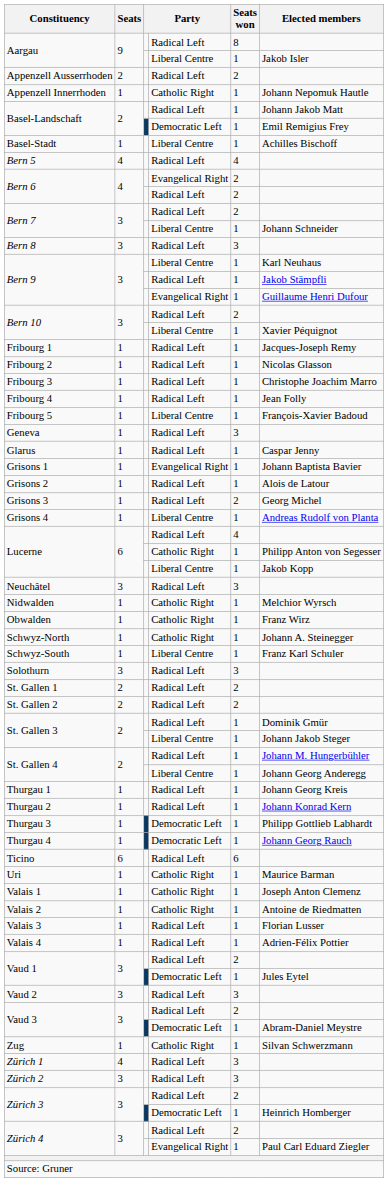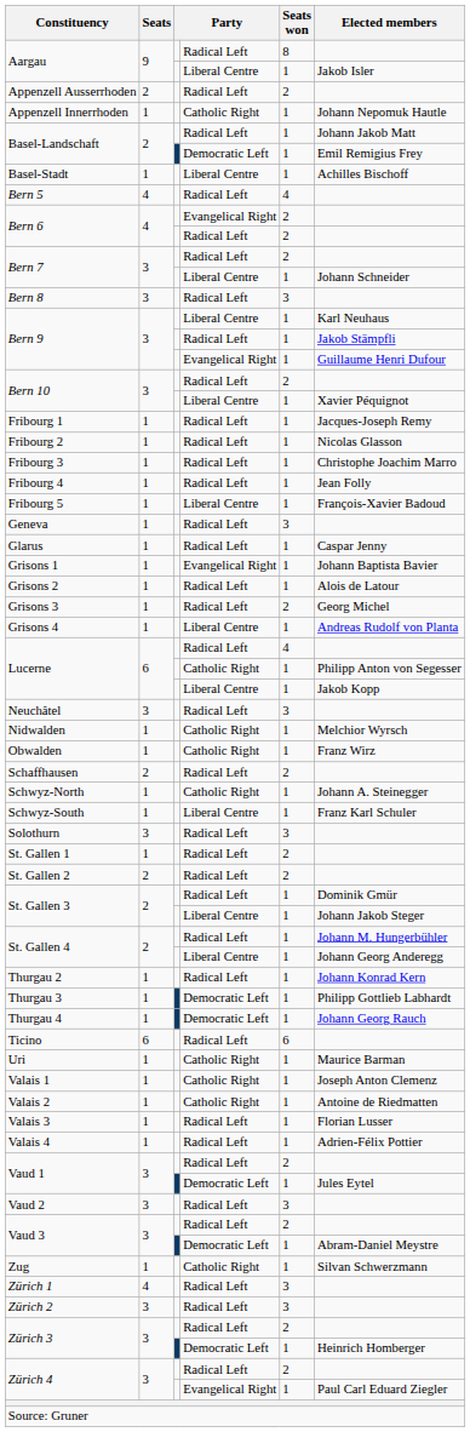 <table class="wikitable">
 <tr>
 <th>Constituency</th>
 <th>Seats</th>
 <th colspan="2">Party</th>
 <th>Seats<br>won</th>
 <th>Elected members</th>
 </tr>
 <tr>
 <td rowspan="2">Aargau</td>
 <td rowspan="2">9</td>
 <td style="color:inherit;background:"></td>
 <td>Radical Left</td>
 <td>8</td>
 <td></td>
 </tr>
 <tr>
 <td style="color:inherit;background:"></td>
 <td>Liberal Centre</td>
 <td>1</td>
 <td>Jakob Isler</td>
 </tr>
 <tr>
 <td>Appenzell Ausserrhoden</td>
 <td>2</td>
 <td style="color:inherit;background:"></td>
 <td>Radical Left</td>
 <td>2</td>
 <td></td>
 </tr>
 <tr>
 <td>Appenzell Innerrhoden</td>
 <td>1</td>
 <td style="color:inherit;background:"></td>
 <td>Catholic Right</td>
 <td>1</td>
 <td>Johann Nepomuk Hautle</td>
 </tr>
 <tr>
 <td rowspan="2">Basel-Landschaft</td>
 <td rowspan="2">2</td>
 <td style="color:inherit;background:"></td>
 <td>Radical Left</td>
 <td>1</td>
 <td>Johann Jakob Matt</td>
 </tr>
 <tr>
 <td style="color:inherit;background:#0B3861"></td>
 <td>Democratic Left</td>
 <td>1</td>
 <td>Emil Remigius Frey</td>
 </tr>
 <tr>
 <td>Basel-Stadt</td>
 <td>1</td>
 <td style="color:inherit;background:"></td>
 <td>Liberal Centre</td>
 <td>1</td>
 <td>Achilles Bischoff</td>
 </tr>
 <tr>
 <td><em>Bern 5</em></td>
 <td>4</td>
 <td style="color:inherit;background:"></td>
 <td>Radical Left</td>
 <td>4</td>
 <td></td>
 </tr>
 <tr>
 <td rowspan="2"><em>Bern 6</em></td>
 <td rowspan="2">4</td>
 <td style="color:inherit;background:"></td>
 <td>Evangelical Right</td>
 <td>2</td>
 <td></td>
 </tr>
 <tr>
 <td style="color:inherit;background:"></td>
 <td>Radical Left</td>
 <td>2</td>
 <td></td>
 </tr>
 <tr>
 <td rowspan="2"><em>Bern 7</em></td>
 <td rowspan="2">3</td>
 <td style="color:inherit;background:"></td>
 <td>Radical Left</td>
 <td>2</td>
 <td></td>
 </tr>
 <tr>
 <td style="color:inherit;background:"></td>
 <td>Liberal Centre</td>
 <td>1</td>
 <td>Johann Schneider</td>
 </tr>
 <tr>
 <td><em>Bern 8</em></td>
 <td>3</td>
 <td style="color:inherit;background:"></td>
 <td>Radical Left</td>
 <td>3</td>
 <td></td>
 </tr>
 <tr>
 <td rowspan="3"><em>Bern 9</em></td>
 <td rowspan="3">3</td>
 <td style="color:inherit;background:"></td>
 <td>Liberal Centre</td>
 <td>1</td>
 <td>Karl Neuhaus</td>
 </tr>
 <tr>
 <td style="color:inherit;background:"></td>
 <td>Radical Left</td>
 <td>1</td>
 <td><a href='#'>Jakob Stämpfli</a></td>
 </tr>
 <tr>
 <td style="color:inherit;background:"></td>
 <td>Evangelical Right</td>
 <td>1</td>
 <td><a href='#'>Guillaume Henri Dufour</a></td>
 </tr>
 <tr>
 <td rowspan="2"><em>Bern 10</em></td>
 <td rowspan="2">3</td>
 <td style="color:inherit;background:"></td>
 <td>Radical Left</td>
 <td>2</td>
 <td></td>
 </tr>
 <tr>
 <td style="color:inherit;background:"></td>
 <td>Liberal Centre</td>
 <td>1</td>
 <td>Xavier Péquignot</td>
 </tr>
 <tr>
 <td>Fribourg 1</td>
 <td>1</td>
 <td style="color:inherit;background:"></td>
 <td>Radical Left</td>
 <td>1</td>
 <td>Jacques-Joseph Remy</td>
 </tr>
 <tr>
 <td>Fribourg 2</td>
 <td>1</td>
 <td style="color:inherit;background:"></td>
 <td>Radical Left</td>
 <td>1</td>
 <td>Nicolas Glasson</td>
 </tr>
 <tr>
 <td>Fribourg 3</td>
 <td>1</td>
 <td style="color:inherit;background:"></td>
 <td>Radical Left</td>
 <td>1</td>
 <td>Christophe Joachim Marro</td>
 </tr>
 <tr>
 <td>Fribourg 4</td>
 <td>1</td>
 <td style="color:inherit;background:"></td>
 <td>Radical Left</td>
 <td>1</td>
 <td>Jean Folly</td>
 </tr>
 <tr>
 <td>Fribourg 5</td>
 <td>1</td>
 <td style="color:inherit;background:"></td>
 <td>Liberal Centre</td>
 <td>1</td>
 <td>François-Xavier Badoud</td>
 </tr>
 <tr>
 <td>Geneva</td>
 <td>1</td>
 <td style="color:inherit;background:"></td>
 <td>Radical Left</td>
 <td>3</td>
 <td></td>
 </tr>
 <tr>
 <td>Glarus</td>
 <td>1</td>
 <td style="color:inherit;background:"></td>
 <td>Radical Left</td>
 <td>1</td>
 <td>Caspar Jenny</td>
 </tr>
 <tr>
 <td>Grisons 1</td>
 <td>1</td>
 <td style="color:inherit;background:"></td>
 <td>Evangelical Right</td>
 <td>1</td>
 <td>Johann Baptista Bavier</td>
 </tr>
 <tr>
 <td>Grisons 2</td>
 <td>1</td>
 <td style="color:inherit;background:"></td>
 <td>Radical Left</td>
 <td>1</td>
 <td>Alois de Latour</td>
 </tr>
 <tr>
 <td>Grisons 3</td>
 <td>1</td>
 <td style="color:inherit;background:"></td>
 <td>Radical Left</td>
 <td>2</td>
 <td>Georg Michel</td>
 </tr>
 <tr>
 <td>Grisons 4</td>
 <td>1</td>
 <td style="color:inherit;background:"></td>
 <td>Liberal Centre</td>
 <td>1</td>
 <td><a href='#'>Andreas Rudolf von Planta</a></td>
 </tr>
 <tr>
 <td rowspan="3">Lucerne</td>
 <td rowspan="3">6</td>
 <td style="color:inherit;background:"></td>
 <td>Radical Left</td>
 <td>4</td>
 <td></td>
 </tr>
 <tr>
 <td style="color:inherit;background:"></td>
 <td>Catholic Right</td>
 <td>1</td>
 <td>Philipp Anton von Segesser</td>
 </tr>
 <tr>
 <td style="color:inherit;background:"></td>
 <td>Liberal Centre</td>
 <td>1</td>
 <td>Jakob Kopp</td>
 </tr>
 <tr>
 <td>Neuchâtel</td>
 <td>3</td>
 <td style="color:inherit;background:"></td>
 <td>Radical Left</td>
 <td>3</td>
 <td></td>
 </tr>
 <tr>
 <td>Nidwalden</td>
 <td>1</td>
 <td style="color:inherit;background:"></td>
 <td>Catholic Right</td>
 <td>1</td>
 <td>Melchior Wyrsch</td>
 </tr>
 <tr>
 <td>Obwalden</td>
 <td>1</td>
 <td style="color:inherit;background:"></td>
 <td>Catholic Right</td>
 <td>1</td>
 <td>Franz Wirz</td>
 </tr>
 <tr>
+<td>Schaffhausen</td>
+<td>2</td>
+<td style="color:inherit;background:"></td>
+<td>Radical Left</td>
+<td>2</td>
+<td></td>
+</tr>
+<tr>
 <td>Schwyz-North</td>
 <td>1</td>
 <td style="color:inherit;background:"></td>
 <td>Catholic Right</td>
 <td>1</td>
 <td>Johann A. Steinegger</td>
 </tr>
 <tr>
 <td>Schwyz-South</td>
 <td>1</td>
 <td style="color:inherit;background:"></td>
 <td>Liberal Centre</td>
 <td>1</td>
 <td>Franz Karl Schuler</td>
 </tr>
 <tr>
 <td>Solothurn</td>
 <td>3</td>
 <td style="color:inherit;background:"></td>
 <td>Radical Left</td>
 <td>3</td>
 <td></td>
 </tr>
 <tr>
 <td>St. Gallen 1</td>
-<td>2</td>
+<td>1</td>
 <td style="color:inherit;background:"></td>
 <td>Radical Left</td>
 <td>2</td>
 <td></td>
 </tr>
 <tr>
 <td>St. Gallen 2</td>
 <td>2</td>
 <td style="color:inherit;background:"></td>
 <td>Radical Left</td>
 <td>2</td>
 <td></td>
 </tr>
 <tr>
 <td rowspan="2">St. Gallen 3</td>
 <td rowspan="2">2</td>
 <td style="color:inherit;background:"></td>
 <td>Radical Left</td>
 <td>1</td>
 <td>Dominik Gmür</td>
 </tr>
 <tr>
 <td style="color:inherit;background:"></td>
 <td>Liberal Centre</td>
 <td>1</td>
 <td>Johann Jakob Steger</td>
 </tr>
 <tr>
 <td rowspan="2">St. Gallen 4</td>
 <td rowspan="2">2</td>
 <td style="color:inherit;background:"></td>
 <td>Radical Left</td>
 <td>1</td>
 <td><a href='#'>Johann M. Hungerbühler</a></td>
 </tr>
 <tr>
 <td style="color:inherit;background:"></td>
 <td>Liberal Centre</td>
 <td>1</td>
 <td>Johann Georg Anderegg</td>
-</tr>
-<tr>
-<td>Thurgau 1</td>
-<td>1</td>
-<td style="color:inherit;background:"></td>
-<td>Radical Left</td>
-<td>1</td>
-<td>Johann Georg Kreis</td>
 </tr>
 <tr>
 <td>Thurgau 2</td>
 <td>1</td>
 <td style="color:inherit;background:"></td>
 <td>Radical Left</td>
 <td>1</td>
 <td><a href='#'>Johann Konrad Kern</a></td>
 </tr>
 <tr>
 <td>Thurgau 3</td>
 <td>1</td>
 <td style="color:inherit;background:#0B3861"></td>
 <td>Democratic Left</td>
 <td>1</td>
 <td>Philipp Gottlieb Labhardt</td>
 </tr>
 <tr>
 <td>Thurgau 4</td>
 <td>1</td>
 <td style="color:inherit;background:#0B3861"></td>
 <td>Democratic Left</td>
 <td>1</td>
 <td><a href='#'>Johann Georg Rauch</a></td>
 </tr>
 <tr>
 <td>Ticino</td>
 <td>6</td>
 <td style="color:inherit;background:"></td>
 <td>Radical Left</td>
 <td>6</td>
 <td></td>
 </tr>
 <tr>
 <td>Uri</td>
 <td>1</td>
 <td style="color:inherit;background:"></td>
 <td>Catholic Right</td>
 <td>1</td>
 <td>Maurice Barman</td>
 </tr>
 <tr>
 <td>Valais 1</td>
 <td>1</td>
 <td style="color:inherit;background:"></td>
 <td>Catholic Right</td>
 <td>1</td>
 <td>Joseph Anton Clemenz</td>
 </tr>
 <tr>
 <td>Valais 2</td>
 <td>1</td>
 <td style="color:inherit;background:"></td>
 <td>Catholic Right</td>
 <td>1</td>
 <td>Antoine de Riedmatten</td>
 </tr>
 <tr>
 <td>Valais 3</td>
 <td>1</td>
 <td style="color:inherit;background:"></td>
 <td>Radical Left</td>
 <td>1</td>
 <td>Florian Lusser</td>
 </tr>
 <tr>
 <td>Valais 4</td>
 <td>1</td>
 <td style="color:inherit;background:"></td>
 <td>Radical Left</td>
 <td>1</td>
 <td>Adrien-Félix Pottier</td>
 </tr>
 <tr>
 <td rowspan="2">Vaud 1</td>
 <td rowspan="2">3</td>
 <td style="color:inherit;background:"></td>
 <td>Radical Left</td>
 <td>2</td>
 <td></td>
 </tr>
 <tr>
 <td style="color:inherit;background:#0B3861"></td>
 <td>Democratic Left</td>
 <td>1</td>
 <td>Jules Eytel</td>
 </tr>
 <tr>
 <td>Vaud 2</td>
 <td>3</td>
 <td style="color:inherit;background:"></td>
 <td>Radical Left</td>
 <td>3</td>
 <td></td>
 </tr>
 <tr>
 <td rowspan="2">Vaud 3</td>
 <td rowspan="2">3</td>
 <td style="color:inherit;background:"></td>
 <td>Radical Left</td>
 <td>2</td>
 <td></td>
 </tr>
 <tr>
 <td style="color:inherit;background:#0B3861"></td>
 <td>Democratic Left</td>
 <td>1</td>
 <td>Abram-Daniel Meystre</td>
 </tr>
 <tr>
 <td>Zug</td>
 <td>1</td>
 <td style="color:inherit;background:"></td>
 <td>Catholic Right</td>
 <td>1</td>
 <td>Silvan Schwerzmann</td>
 </tr>
 <tr>
 <td><em>Zürich 1</em></td>
 <td>4</td>
 <td style="color:inherit;background:"></td>
 <td>Radical Left</td>
 <td>3</td>
 <td></td>
 </tr>
 <tr>
 <td><em>Zürich 2</em></td>
 <td>3</td>
 <td style="color:inherit;background:"></td>
 <td>Radical Left</td>
 <td>3</td>
 <td></td>
 </tr>
 <tr>
 <td rowspan="2"><em>Zürich 3</em></td>
 <td rowspan="2">3</td>
 <td style="color:inherit;background:"></td>
 <td>Radical Left</td>
 <td>2</td>
 <td></td>
 </tr>
 <tr>
 <td style="color:inherit;background:#0B3861"></td>
 <td>Democratic Left</td>
 <td>1</td>
 <td>Heinrich Homberger</td>
 </tr>
 <tr>
 <td rowspan="2"><em>Zürich 4</em></td>
 <td rowspan="2">3</td>
 <td style="color:inherit;background:"></td>
 <td>Radical Left</td>
 <td>2</td>
 <td></td>
 </tr>
 <tr>
 <td style="color:inherit;background:"></td>
 <td>Evangelical Right</td>
 <td>1</td>
 <td>Paul Carl Eduard Ziegler</td>
 </tr>
 <tr>
 <th colspan="6"></th>
 </tr>
 <tr>
 <td colspan="6">Source: Gruner</td>
 </tr>
 </table>
